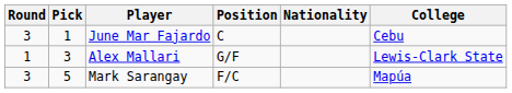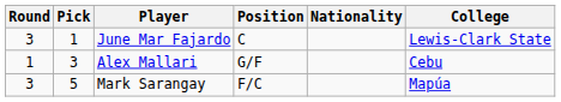 <table class="wikitable sortable sortable">
 <tr>
 <th>Round</th>
 <th>Pick</th>
 <th>Player</th>
 <th>Position</th>
 <th>Nationality</th>
 <th>College</th>
 </tr>
 <tr>
 <td align=center>3</td>
 <td align=center>1</td>
 <td><a href='#'>June Mar Fajardo</a></td>
 <td>C</td>
 <td></td>
-<td><a href='#'>Cebu</a></td>
+<td><a href='#'>Lewis-Clark State</a></td>
 </tr>
 <tr>
 <td align=center>1</td>
 <td align=center>3</td>
 <td><a href='#'>Alex Mallari</a></td>
 <td>G/F</td>
 <td></td>
-<td><a href='#'>Lewis-Clark State</a></td>
+<td><a href='#'>Cebu</a></td>
 </tr>
 <tr>
 <td align=center>3</td>
 <td align=center>5</td>
 <td>Mark Sarangay</td>
 <td>F/C</td>
 <td></td>
 <td><a href='#'>Mapúa</a></td>
 </tr>
 </table>
